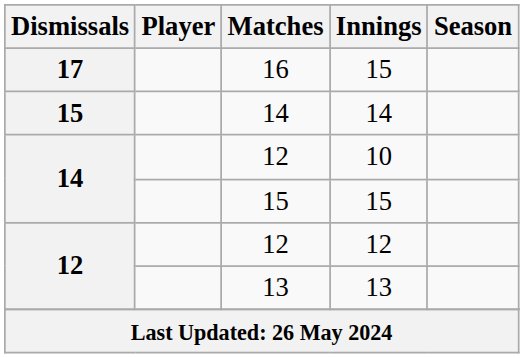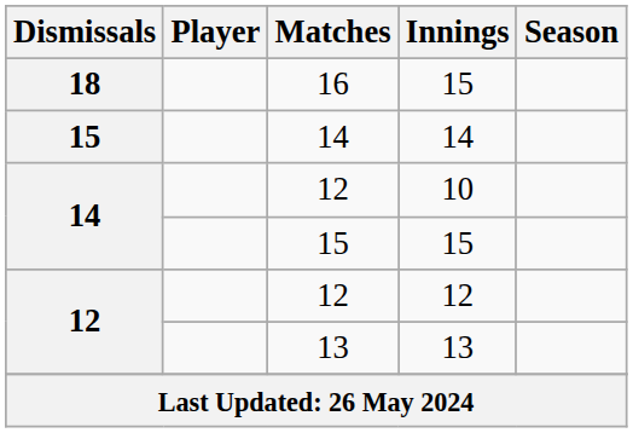 <table class="wikitable sortable" style="text-align:left;font-size:96%;">
 <tr>
 <th>Dismissals</th>
 <th>Player</th>
 <th>Matches</th>
 <th>Innings</th>
 <th>Season</th>
 </tr>
 <tr>
-<th scope=row style=text-align:center;>17</th>
+<th scope=row style=text-align:center;>18</th>
 <td></td>
 <td align=center>16</td>
 <td align=center>15</td>
 <td></td>
 </tr>
 <tr>
 <th scope=row style=text-align:center;>15</th>
 <td></td>
 <td align=center>14</td>
 <td align=center>14</td>
 <td></td>
 </tr>
 <tr>
 <th scope=row style=text-align:center; rowspan=2>14</th>
 <td></td>
 <td align=center>12</td>
 <td align=center>10</td>
 <td></td>
 </tr>
 <tr>
 <td></td>
 <td align=center>15</td>
 <td align=center>15</td>
 <td></td>
 </tr>
 <tr>
 <th scope=row style=text-align:center; rowspan=2>12</th>
 <td></td>
 <td align=center>12</td>
 <td align=center>12</td>
 <td></td>
 </tr>
 <tr>
 <td></td>
 <td align=center>13</td>
 <td align=center>13</td>
 <td></td>
 </tr>
 <tr>
 </tr>
 <tr class=sortbottom>
 <th colspan=6><small>Last Updated: 26 May 2024</small></th>
 </tr>
 </table>
